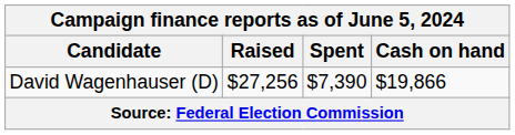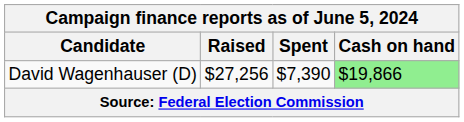 <table class="wikitable sortable">
 <tr>
 <th colspan=4>Campaign finance reports as of June 5, 2024</th>
 </tr>
 <tr style="text-align:center;">
 <th>Candidate</th>
 <th>Raised</th>
 <th>Spent</th>
 <th>Cash on hand</th>
 </tr>
 <tr>
 <td>David Wagenhauser (D)</td>
 <td>$27,256</td>
 <td>$7,390</td>
-<td>$19,866</td>
+<td style="background: lightgreen;">$19,866</td>
 </tr>
 <tr>
 <th colspan="4"><small>Source: <a href='#'>Federal Election Commission</a></small></th>
 </tr>
 </table>
